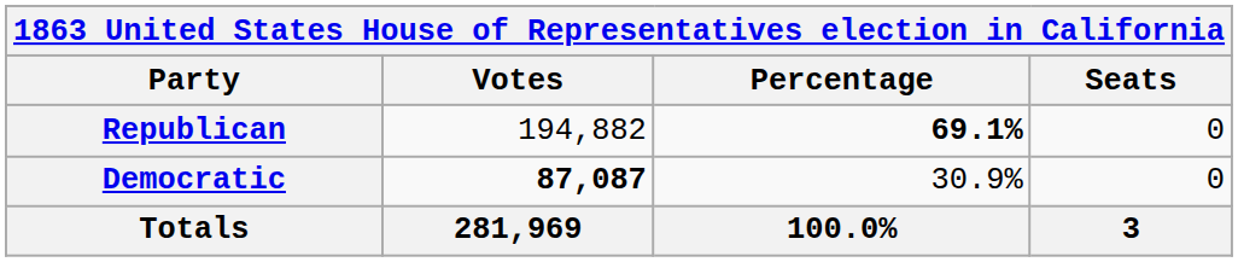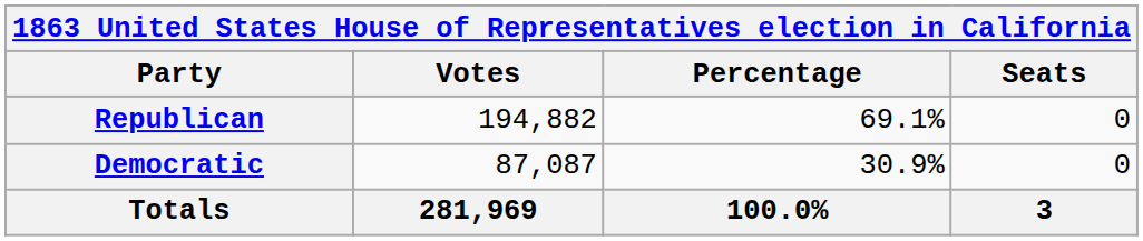 <table class=wikitable>
 <tr>
 <th colspan=6><a href='#'>1863 United States House of Representatives election in California</a></th>
 </tr>
 <tr>
 <th>Party</th>
 <th>Votes</th>
 <th>Percentage</th>
 <th>Seats</th>
 </tr>
 <tr>
 <th><a href='#'>Republican</a></th>
 <td align=right>194,882</td>
-<td align=right><strong>69.1%</strong></td>
+<td align=right>69.1%</td>
 <td align=right>0</td>
 </tr>
 <tr>
 <th><a href='#'>Democratic</a></th>
-<td align=right><strong>87,087</strong></td>
+<td align=right>87,087</td>
 <td align=right>30.9%</td>
 <td align=right>0</td>
 </tr>
 <tr>
 <th>Totals</th>
 <th>281,969</th>
 <th>100.0%</th>
 <th>3</th>
 </tr>
 </table>
